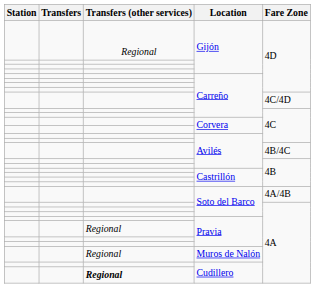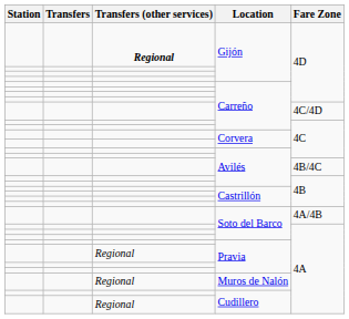 <table class="wikitable" style="font-size:90%">
 <tr>
 <th>Station</th>
 <th>Transfers</th>
 <th>Transfers (other services)</th>
 <th>Location</th>
 <th><strong>Fare Zone</strong></th>
 </tr>
 <tr>
 <td></td>
 <td align="center"></td>
-<td align="center"><br>  <br><em>Regional</em></td>
+<td align="center"><strong><br>  <br><em>Regional</em></strong></td>
 <td rowspan="4"><a href='#'>Gijón</a></td>
 <td rowspan="8">4D</td>
 </tr>
 <tr>
 <td></td>
 <td align="center"></td>
 <td></td>
 </tr>
 <tr>
 <td></td>
 <td align="center"></td>
 <td></td>
 </tr>
 <tr>
 <td></td>
 <td align="center"></td>
 <td></td>
 </tr>
 <tr>
 <td></td>
 <td></td>
 <td></td>
 <td rowspan="7"><a href='#'>Carreño</a></td>
 </tr>
 <tr>
 <td></td>
 <td></td>
 <td></td>
 </tr>
 <tr>
 <td></td>
 <td></td>
 <td></td>
 </tr>
 <tr>
 <td></td>
 <td align="center"></td>
 <td></td>
 </tr>
 <tr>
 <td></td>
 <td align="center"></td>
 <td></td>
 <td>4C/4D</td>
 </tr>
 <tr>
 <td></td>
 <td align="center"></td>
 <td></td>
 <td rowspan="6">4C</td>
 </tr>
 <tr>
 <td></td>
 <td></td>
 <td></td>
 </tr>
 <tr>
 <td></td>
 <td></td>
 <td></td>
 <td rowspan="2"><a href='#'>Corvera</a></td>
 </tr>
 <tr>
 <td></td>
 <td></td>
 <td></td>
 </tr>
 <tr>
 <td></td>
 <td></td>
 <td></td>
 <td rowspan="5"><a href='#'>Avilés</a></td>
 </tr>
 <tr>
 <td></td>
 <td></td>
 <td></td>
 </tr>
 <tr>
 <td></td>
 <td></td>
 <td></td>
 <td>4B/4C</td>
 </tr>
 <tr>
 <td></td>
 <td align="center"></td>
 <td></td>
 <td rowspan="6">4B</td>
 </tr>
 <tr>
 <td></td>
 <td></td>
 <td></td>
 </tr>
 <tr>
 <td></td>
 <td></td>
 <td></td>
 <td rowspan="4"><a href='#'>Castrillón</a></td>
 </tr>
 <tr>
 <td></td>
 <td></td>
 <td></td>
 </tr>
 <tr>
 <td></td>
 <td align="center"></td>
 <td></td>
 </tr>
 <tr>
 <td></td>
 <td align="center"></td>
 <td></td>
 </tr>
 <tr>
 <td></td>
 <td align="center"></td>
 <td></td>
 <td rowspan="4"><a href='#'>Soto del Barco</a></td>
 <td>4A/4B</td>
 </tr>
 <tr>
 <td></td>
 <td align="center"></td>
 <td></td>
 <td rowspan="10">4A</td>
 </tr>
 <tr>
 <td></td>
 <td align="center"></td>
 <td></td>
 </tr>
 <tr>
 <td></td>
 <td align="center"></td>
 <td></td>
 </tr>
 <tr>
 <td></td>
 <td align="center"></td>
 <td></td>
 <td rowspan="4"><a href='#'>Pravia</a></td>
 </tr>
 <tr>
 <td></td>
 <td align="center"></td>
 <td><em>Regional</em></td>
 </tr>
 <tr>
 <td></td>
 <td align="center"></td>
 <td></td>
 </tr>
 <tr>
 <td></td>
 <td align="center"></td>
 <td></td>
 </tr>
 <tr>
 <td></td>
 <td align="center"></td>
 <td><em>Regional</em></td>
 <td><a href='#'>Muros de Nalón</a></td>
 </tr>
 <tr>
 <td></td>
 <td align="center"></td>
 <td></td>
 <td rowspan="2"><a href='#'>Cudillero</a></td>
 </tr>
 <tr>
 <td></td>
 <td align="center"></td>
-<td><strong><em>Regional</em></strong></td>
+<td><em>Regional</em></td>
 </tr>
 </table>
